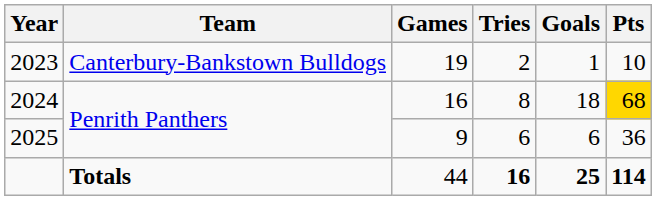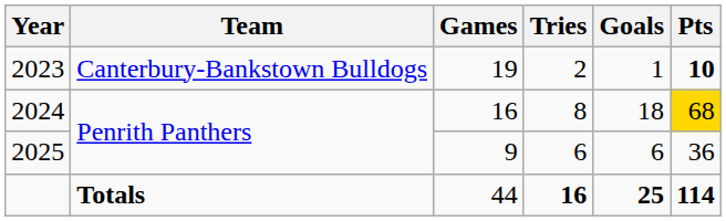 <table class="wikitable">
 <tr>
 <th>Year</th>
 <th>Team</th>
 <th>Games</th>
 <th>Tries</th>
 <th>Goals</th>
 <th>Pts</th>
 </tr>
 <tr>
 <td align=center>2023</td>
 <td align=left> <a href='#'>Canterbury-Bankstown Bulldogs</a></td>
 <td align=right>19</td>
 <td align=right>2</td>
 <td align=right>1</td>
-<td align=right>10</td>
+<td align=right><strong>10</strong></td>
 </tr>
 <tr>
 <td align=center>2024</td>
 <td rowspan=2 align=left> <a href='#'>Penrith Panthers</a></td>
 <td align=right>16</td>
 <td align=right>8</td>
 <td align=right>18</td>
 <td align=right style="background: gold;">68</td>
 </tr>
 <tr>
 <td align=center>2025</td>
 <td align=right>9</td>
 <td align=right>6</td>
 <td align=right>6</td>
 <td align=right>36</td>
 </tr>
 <tr>
 <td></td>
 <td align=left><strong>Totals</strong></td>
 <td align=right>44</td>
 <td align=right><strong>16</strong></td>
 <td align=right><strong>25</strong></td>
 <td align=right><strong>114</strong></td>
 </tr>
 </table>
